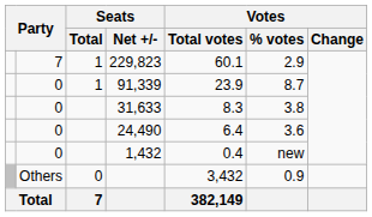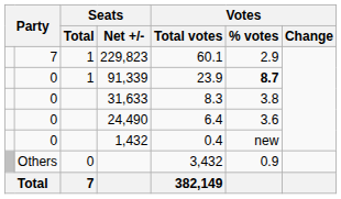 <table class="wikitable" style="text-align:right; font-size:95%;">
 <tr>
 <th colspan="2" rowspan="2">Party</th>
 <th colspan="2">Seats</th>
 <th colspan="3">Votes</th>
 </tr>
 <tr>
 <th>Total</th>
 <th>Net +/-</th>
 <th>Total votes</th>
 <th>% votes</th>
 <th>Change</th>
 </tr>
 <tr>
 <td></td>
 <td>7</td>
 <td>1</td>
 <td>229,823</td>
 <td>60.1</td>
 <td>2.9</td>
 </tr>
 <tr>
 <td></td>
 <td>0</td>
 <td>1</td>
 <td>91,339</td>
 <td>23.9</td>
-<td>8.7</td>
+<td><strong>8.7</strong></td>
 </tr>
 <tr>
 <td></td>
 <td>0</td>
 <td></td>
 <td>31,633</td>
 <td>8.3</td>
 <td>3.8</td>
 </tr>
 <tr>
 <td></td>
 <td>0</td>
 <td></td>
 <td>24,490</td>
 <td>6.4</td>
 <td>3.6</td>
 </tr>
 <tr>
 <td></td>
 <td>0</td>
 <td></td>
 <td>1,432</td>
 <td>0.4</td>
 <td>new</td>
 </tr>
 <tr>
 <td style="background:silver;"> </td>
 <td align=left>Others</td>
 <td>0</td>
 <td></td>
 <td>3,432</td>
 <td>0.9</td>
 <td></td>
 </tr>
 <tr>
 <th colspan="2" style="background:#f2f2f2">Total</th>
 <td style="background:#f2f2f2;"><strong>7</strong></td>
 <td style="background:#f2f2f2;"></td>
 <td style="background:#f2f2f2;"><strong>382,149</strong></td>
 <td style="background:#f2f2f2;"></td>
 <td style="background:#f2f2f2;"></td>
 </tr>
 </table>
